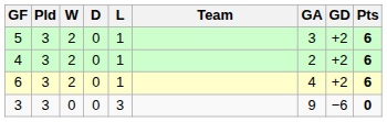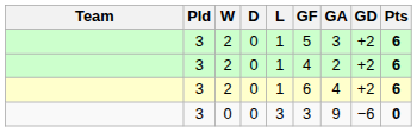 <table class="wikitable" style="text-align:center;">
 <tr>
-<th width=20>GF</th>
+<th width=180>Team</th>
 <th width=20>Pld</th>
 <th width=20>W</th>
 <th width=20>D</th>
 <th width=20>L</th>
-<th width=180>Team</th>
+<th width=20>GF</th>
 <th width=20>GA</th>
 <th width=20>GD</th>
 <th width=20>Pts</th>
 </tr>
 <tr bgcolor="ccffcc">
-<td>5</td>
+<td align="left"></td>
 <td>3</td>
 <td>2</td>
 <td>0</td>
 <td>1</td>
-<td align="left"></td>
+<td>5</td>
 <td>3</td>
 <td>+2</td>
 <td><strong>6</strong></td>
 </tr>
 <tr bgcolor="ccffcc">
-<td>4</td>
+<td align="left"></td>
 <td>3</td>
 <td>2</td>
 <td>0</td>
 <td>1</td>
-<td align="left"></td>
+<td>4</td>
 <td>2</td>
 <td>+2</td>
 <td><strong>6</strong></td>
 </tr>
 <tr bgcolor="ffffcc">
-<td>6</td>
+<td align="left"></td>
 <td>3</td>
 <td>2</td>
 <td>0</td>
 <td>1</td>
-<td align="left"></td>
+<td>6</td>
 <td>4</td>
 <td>+2</td>
 <td><strong>6</strong></td>
 </tr>
 <tr>
-<td>3</td>
+<td align="left"></td>
 <td>3</td>
 <td>0</td>
 <td>0</td>
 <td>3</td>
-<td align="left"></td>
+<td>3</td>
 <td>9</td>
 <td>−6</td>
 <td><strong>0</strong></td>
 </tr>
 </table>
